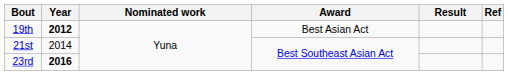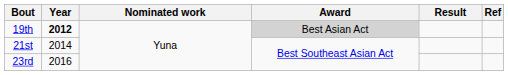 <table class="wikitable">
 <tr>
 <th width="50">Bout</th>
 <th width="50">Year</th>
 <th width="258">Nominated work</th>
 <th width="250">Award</th>
 <th width="90">Result</th>
 <th>Ref</th>
 </tr>
 <tr>
 <td rowspan="1" align="center"><a href='#'>19th</a></td>
 <td rowspan="1" align="center"><strong>2012</strong></td>
 <td rowspan="3" align="center">Yuna</td>
-<td align="center">Best Asian Act</td>
+<td align="center" style="background: lightgrey;">Best Asian Act</td>
 <td></td>
 <td align="center"></td>
 </tr>
 <tr>
 <td rowspan="1" align="center"><a href='#'>21st</a></td>
 <td rowspan="1" align="center">2014</td>
 <td rowspan="2" align="center"><a href='#'>Best Southeast Asian Act</a></td>
 <td></td>
 <td align="center"></td>
 </tr>
 <tr>
 <td rowspan="1" align="center"><a href='#'>23rd</a></td>
-<td rowspan="1" align="center"><strong>2016</strong></td>
+<td rowspan="1" align="center">2016</td>
 <td></td>
 <td align="center"></td>
 </tr>
 </table>
